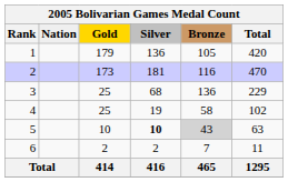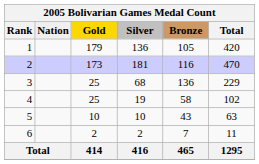 <table class="wikitable" border="2" style="text-align:center">
 <tr>
 <th colspan=6>2005 Bolivarian Games Medal Count</th>
 </tr>
 <tr bgcolor="#efefef">
 <th>Rank</th>
 <td align=left><strong>Nation</strong></td>
 <td bgcolor="gold" align=center width=60><strong>Gold</strong></td>
 <td bgcolor="silver" align=center width=60><strong>Silver</strong></td>
 <td bgcolor="CC9966" align=center width=60><strong>Bronze</strong></td>
 <th width=60>Total</th>
 </tr>
 <tr>
 <td align=right>1</td>
 <td align=left></td>
 <td>179</td>
 <td>136</td>
 <td>105</td>
 <td>420</td>
 </tr>
 <tr style="background:#ccccff">
 <td align=right>2</td>
 <td align=left></td>
 <td>173</td>
 <td>181</td>
 <td>116</td>
 <td>470</td>
 </tr>
 <tr>
 <td align=right>3</td>
 <td align=left></td>
 <td>25</td>
 <td>68</td>
 <td>136</td>
 <td>229</td>
 </tr>
 <tr>
 <td align=right>4</td>
 <td align=left></td>
 <td>25</td>
 <td>19</td>
 <td>58</td>
 <td>102</td>
 </tr>
 <tr>
 <td align=right>5</td>
 <td align=left></td>
 <td>10</td>
-<td><strong>10</strong></td>
-<td style="background: lightgrey;">43</td>
+<td>10</td>
+<td>43</td>
 <td>63</td>
 </tr>
 <tr>
 <td align=right>6</td>
 <td align=left></td>
 <td>2</td>
 <td>2</td>
 <td>7</td>
 <td>11</td>
 </tr>
 <tr>
 <th colspan="2">Total</th>
 <th>414</th>
 <th>416</th>
 <th>465</th>
 <th>1295</th>
 </tr>
 <tr>
 </tr>
 </table>
